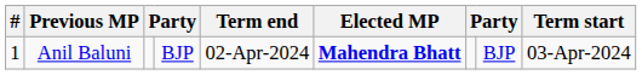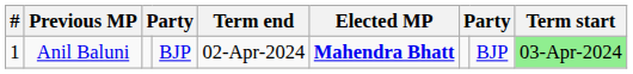 <table class="wikitable" style="text-align:center;">
 <tr>
 <th>#</th>
 <th>Previous MP</th>
 <th colspan="2">Party</th>
 <th>Term end</th>
 <th>Elected MP</th>
 <th colspan="2">Party</th>
 <th>Term start</th>
 </tr>
 <tr>
 <td>1</td>
 <td><a href='#'>Anil Baluni</a></td>
 <td width="1px"></td>
 <td><a href='#'>BJP</a></td>
 <td>02-Apr-2024</td>
 <td><strong><a href='#'>Mahendra Bhatt</a></strong></td>
 <td width="1px"></td>
 <td><a href='#'>BJP</a></td>
-<td>03-Apr-2024</td>
+<td style="background: lightgreen;">03-Apr-2024</td>
 </tr>
 </table>
